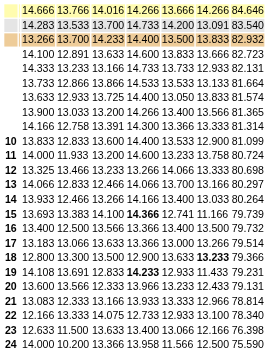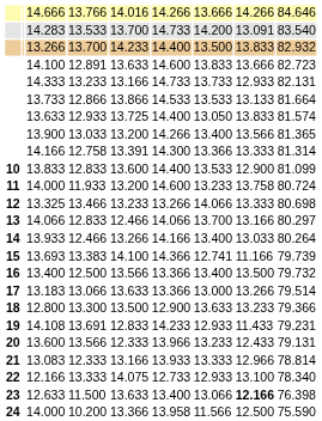 <table>
 <tr bgcolor=fffcaf>
 <th scope=row style="text-align:center"></th>
 <td align=left></td>
 <td>14.666</td>
 <td>13.766</td>
 <td>14.016</td>
 <td>14.266</td>
 <td>13.666</td>
 <td>14.266</td>
 <td>84.646</td>
 </tr>
 <tr style="background: #e5e5e5">
 <th scope=row style="text-align:center"></th>
 <td align=left></td>
 <td>14.283</td>
 <td>13.533</td>
 <td>13.700</td>
 <td>14.733</td>
 <td>14.200</td>
 <td>13.091</td>
 <td>83.540</td>
 </tr>
 <tr style="background: #eecc99">
 <th scope=row style="text-align:center"></th>
 <td align=left></td>
 <td>13.266</td>
 <td>13.700</td>
 <td>14.233</td>
 <td>14.400</td>
 <td>13.500</td>
 <td>13.833</td>
 <td>82.932</td>
 </tr>
 <tr>
 <th scope=row style="text-align:center"></th>
 <td align=left></td>
 <td>14.100</td>
 <td>12.891</td>
 <td>13.633</td>
 <td>14.600</td>
 <td>13.833</td>
 <td>13.666</td>
 <td>82.723</td>
 </tr>
 <tr>
 <th scope=row style="text-align:center"></th>
 <td align=left></td>
 <td>14.333</td>
 <td>13.233</td>
 <td>13.166</td>
 <td>14.733</td>
 <td>13.733</td>
 <td>12.933</td>
 <td>82.131</td>
 </tr>
 <tr>
 <th scope=row style="text-align:center"></th>
 <td align=left></td>
 <td>13.733</td>
 <td>12.866</td>
 <td>13.866</td>
 <td>14.533</td>
 <td>13.533</td>
 <td>13.133</td>
 <td>81.664</td>
 </tr>
 <tr>
 <th scope=row style="text-align:center"></th>
 <td align=left></td>
 <td>13.633</td>
 <td>12.933</td>
 <td>13.725</td>
 <td>14.400</td>
 <td>13.050</td>
 <td>13.833</td>
 <td>81.574</td>
 </tr>
 <tr>
 <th scope=row style="text-align:center"></th>
 <td align=left></td>
 <td>13.900</td>
 <td>13.033</td>
 <td>13.200</td>
 <td>14.266</td>
 <td>13.400</td>
 <td>13.566</td>
 <td>81.365</td>
 </tr>
 <tr>
 <th scope=row style="text-align:center"></th>
 <td align=left></td>
 <td>14.166</td>
 <td>12.758</td>
 <td>13.391</td>
 <td>14.300</td>
 <td>13.366</td>
 <td>13.333</td>
 <td>81.314</td>
 </tr>
 <tr>
 <th scope=row style="text-align:center">10</th>
 <td align=left></td>
 <td>13.833</td>
 <td>12.833</td>
 <td>13.600</td>
 <td>14.400</td>
 <td>13.533</td>
 <td>12.900</td>
 <td>81.099</td>
 </tr>
 <tr>
 <th scope=row style="text-align:center">11</th>
 <td align=left></td>
 <td>14.000</td>
 <td>11.933</td>
 <td>13.200</td>
 <td>14.600</td>
 <td>13.233</td>
 <td>13.758</td>
 <td>80.724</td>
 </tr>
 <tr>
 <th scope=row style="text-align:center">12</th>
 <td align=left></td>
 <td>13.325</td>
 <td>13.466</td>
 <td>13.233</td>
 <td>13.266</td>
 <td>14.066</td>
 <td>13.333</td>
 <td>80.698</td>
 </tr>
 <tr>
 <th scope=row style="text-align:center">13</th>
 <td align=left></td>
 <td>14.066</td>
 <td>12.833</td>
 <td>12.466</td>
 <td>14.066</td>
 <td>13.700</td>
 <td>13.166</td>
 <td>80.297</td>
 </tr>
 <tr>
 <th scope=row style="text-align:center">14</th>
 <td align=left></td>
 <td>13.933</td>
 <td>12.466</td>
 <td>13.266</td>
 <td>14.166</td>
 <td>13.400</td>
 <td>13.033</td>
 <td>80.264</td>
 </tr>
 <tr>
 <th scope=row style="text-align:center">15</th>
 <td align=left></td>
 <td>13.693</td>
 <td>13.383</td>
 <td>14.100</td>
-<td><strong>14.366</strong></td>
+<td>14.366</td>
 <td>12.741</td>
 <td>11.166</td>
 <td>79.739</td>
 </tr>
 <tr>
 <th scope=row style="text-align:center">16</th>
 <td align=left></td>
 <td>13.400</td>
 <td>12.500</td>
 <td>13.566</td>
 <td>13.366</td>
 <td>13.400</td>
 <td>13.500</td>
 <td>79.732</td>
 </tr>
 <tr>
 <th scope=row style="text-align:center">17</th>
 <td align=left></td>
 <td>13.183</td>
 <td>13.066</td>
 <td>13.633</td>
 <td>13.366</td>
 <td>13.000</td>
 <td>13.266</td>
 <td>79.514</td>
 </tr>
 <tr>
 <th scope=row style="text-align:center">18</th>
 <td align=left></td>
 <td>12.800</td>
 <td>13.300</td>
 <td>13.500</td>
 <td>12.900</td>
 <td>13.633</td>
-<td><strong>13.233</strong></td>
+<td>13.233</td>
 <td>79.366</td>
 </tr>
 <tr>
 <th scope=row style="text-align:center">19</th>
 <td align=left></td>
 <td>14.108</td>
 <td>13.691</td>
 <td>12.833</td>
-<td><strong>14.233</strong></td>
+<td>14.233</td>
 <td>12.933</td>
 <td>11.433</td>
 <td>79.231</td>
 </tr>
 <tr>
 <th scope=row style="text-align:center">20</th>
 <td align=left></td>
 <td>13.600</td>
 <td>13.566</td>
 <td>12.333</td>
 <td>13.966</td>
 <td>13.233</td>
 <td>12.433</td>
 <td>79.131</td>
 </tr>
 <tr>
 <th scope=row style="text-align:center">21</th>
 <td align=left></td>
 <td>13.083</td>
 <td>12.333</td>
 <td>13.166</td>
 <td>13.933</td>
 <td>13.333</td>
 <td>12.966</td>
 <td>78.814</td>
 </tr>
 <tr>
 <th scope=row style="text-align:center">22</th>
 <td align=left></td>
 <td>12.166</td>
 <td>13.333</td>
 <td>14.075</td>
 <td>12.733</td>
 <td>12.933</td>
 <td>13.100</td>
 <td>78.340</td>
 </tr>
 <tr>
 <th scope=row style="text-align:center">23</th>
 <td align=left></td>
 <td>12.633</td>
 <td>11.500</td>
 <td>13.633</td>
 <td>13.400</td>
 <td>13.066</td>
-<td>12.166</td>
+<td><strong>12.166</strong></td>
 <td>76.398</td>
 </tr>
 <tr>
 <th scope=row style="text-align:center">24</th>
 <td align=left></td>
 <td>14.000</td>
 <td>10.200</td>
 <td>13.366</td>
 <td>13.958</td>
 <td>11.566</td>
 <td>12.500</td>
 <td>75.590</td>
 </tr>
 </table>
